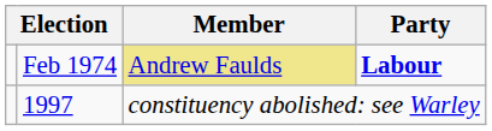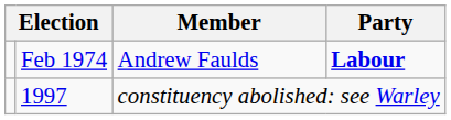 <table class="wikitable">
 <tr>
 <th colspan="2">Election</th>
 <th>Member</th>
 <th>Party</th>
 </tr>
 <tr>
 <td style="color:inherit;background-color: "></td>
 <td><a href='#'>Feb 1974</a></td>
-<td style="background: khaki;"><a href='#'>Andrew Faulds</a></td>
+<td><a href='#'>Andrew Faulds</a></td>
 <td><strong><a href='#'>Labour</a></strong></td>
 </tr>
 <tr>
 <td></td>
 <td><a href='#'>1997</a></td>
 <td colspan="2"><em>constituency abolished: see <a href='#'>Warley</a></em></td>
 </tr>
 </table>
